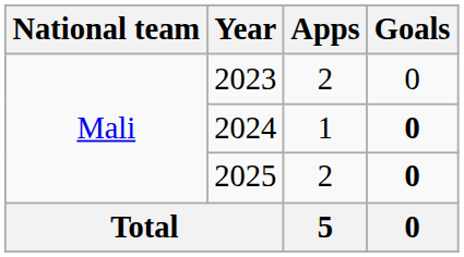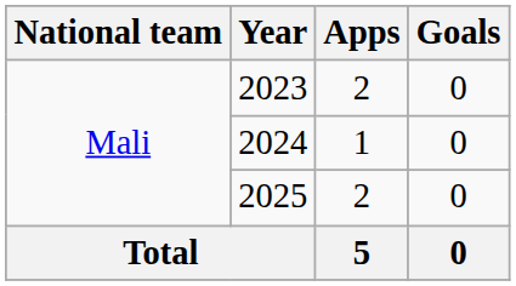 <table class=wikitable style=text-align:center>
 <tr>
 <th>National team</th>
 <th>Year</th>
 <th>Apps</th>
 <th>Goals</th>
 </tr>
 <tr>
 <td rowspan="3"><a href='#'>Mali</a></td>
 <td>2023</td>
 <td>2</td>
 <td>0</td>
 </tr>
 <tr>
 <td>2024</td>
 <td>1</td>
-<td><strong>0</strong></td>
+<td>0</td>
 </tr>
 <tr>
 <td>2025</td>
 <td>2</td>
-<td><strong>0</strong></td>
+<td>0</td>
 </tr>
 <tr>
 <th colspan="2">Total</th>
 <th>5</th>
 <th>0</th>
 </tr>
 </table>
